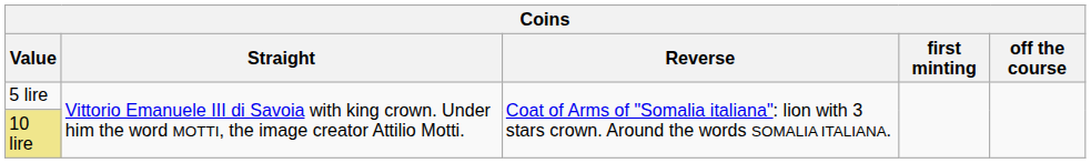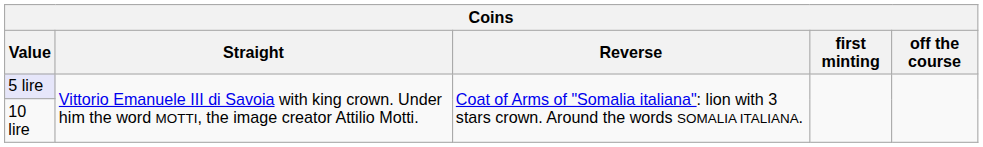 <table class="wikitable" style="font-size: 90%">
 <tr>
 <th colspan="5">Coins</th>
 </tr>
 <tr>
 <th>Value</th>
 <th>Straight</th>
 <th>Reverse</th>
 <th>first minting</th>
 <th>off the course</th>
 </tr>
 <tr>
-<td>5 lire</td>
+<td style="background: lavender;">5 lire</td>
 <td Rowspan="2"><a href='#'>Vittorio Emanuele III di Savoia</a> with king crown. Under him the word <small>MOTTI</small>, the image creator Attilio Motti.</td>
 <td Rowspan="2"><a href='#'>Coat of Arms of "Somalia italiana"</a>: lion with 3 stars crown. Around the words <small>SOMALIA ITALIANA</small>.</td>
 <td Rowspan="2"></td>
 <td Rowspan="2"></td>
 </tr>
 <tr>
-<td style="background: khaki;">10 lire</td>
+<td>10 lire</td>
 </tr>
 </table>
